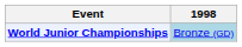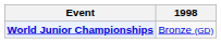 <table class="wikitable" style="font-size: 90%; text-align:center">
 <tr>
 <th>Event</th>
 <th>1998</th>
 </tr>
 <tr>
 <td bgcolor="#ECF2FF"; align="left"><strong><a href='#'>World Junior Championships</a></strong></td>
-<td style="background: lightblue;"> <a href='#'>Bronze <small>(GD)</small></a></td>
+<td> <a href='#'>Bronze <small>(GD)</small></a></td>
 </tr>
 </table>
